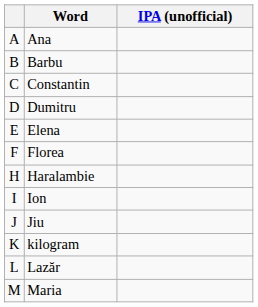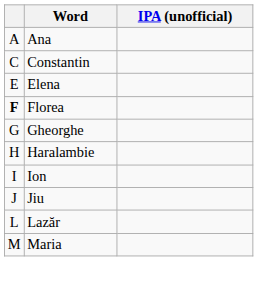 <table class="wikitable" style="display: inline-table">
 <tr>
 <th> </th>
 <th style="width:6em">Word</th>
 <th style="width:9em"><a href='#'>IPA</a> (unofficial)</th>
 </tr>
 <tr>
 <td align="center">A</td>
 <td>Ana</td>
 <td></td>
 </tr>
 <tr>
-<td align="center">B</td>
-<td>Barbu</td>
-<td></td>
-</tr>
-<tr>
 <td align="center">C</td>
 <td>Constantin</td>
-<td></td>
-</tr>
-<tr>
-<td align="center">D</td>
-<td>Dumitru</td>
 <td></td>
 </tr>
 <tr>
 <td align="center">E</td>
 <td>Elena</td>
 <td></td>
 </tr>
 <tr>
-<td align="center">F</td>
+<td align="center"><strong>F</strong></td>
 <td>Florea</td>
+<td></td>
+</tr>
+<tr>
+<td align="center">G</td>
+<td>Gheorghe</td>
 <td></td>
 </tr>
 <tr>
 <td align="center">H</td>
 <td>Haralambie</td>
 <td></td>
 </tr>
 <tr>
 <td align="center">I</td>
 <td>Ion</td>
 <td></td>
 </tr>
 <tr>
 <td align="center">J</td>
 <td>Jiu</td>
 <td></td>
 </tr>
 <tr>
-<td align="center">K</td>
-<td>kilogram</td>
-<td></td>
-</tr>
-<tr>
 <td align="center">L</td>
 <td>Lazăr</td>
 <td></td>
 </tr>
 <tr>
 <td align="center">M</td>
 <td>Maria</td>
 <td></td>
 </tr>
 </table>
